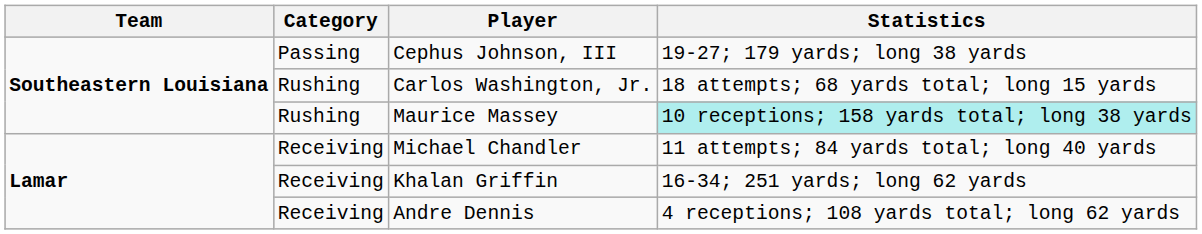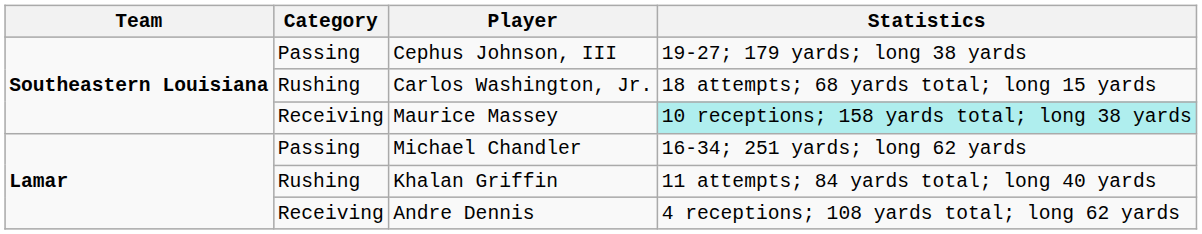 <table class="wikitable" style="float: right;">
 <tr>
 <th>Team</th>
 <th>Category</th>
 <th>Player</th>
 <th>Statistics</th>
 </tr>
 <tr>
 <td rowspan=3><strong>Southeastern Louisiana</strong></td>
 <td>Passing</td>
 <td>Cephus Johnson, III</td>
 <td>19-27; 179 yards; long 38 yards</td>
 </tr>
 <tr>
 <td>Rushing</td>
 <td>Carlos Washington, Jr.</td>
 <td>18 attempts; 68 yards total; long 15 yards</td>
 </tr>
 <tr>
-<td>Rushing</td>
+<td>Receiving</td>
 <td>Maurice Massey</td>
 <td style="background: paleturquoise;">10 receptions; 158 yards total; long 38 yards</td>
 </tr>
 <tr>
 <td rowspan=3><strong>Lamar</strong></td>
-<td>Receiving</td>
+<td>Passing</td>
 <td>Michael Chandler</td>
-<td>11 attempts; 84 yards total; long 40 yards</td>
+<td>16-34; 251 yards; long 62 yards</td>
 </tr>
 <tr>
-<td>Receiving</td>
+<td>Rushing</td>
 <td>Khalan Griffin</td>
-<td>16-34; 251 yards; long 62 yards</td>
+<td>11 attempts; 84 yards total; long 40 yards</td>
 </tr>
 <tr>
 <td>Receiving</td>
 <td>Andre Dennis</td>
 <td>4 receptions; 108 yards total; long 62 yards</td>
 </tr>
 </table>
